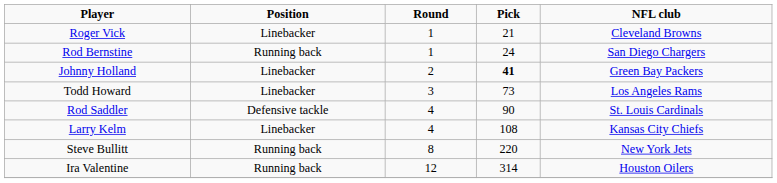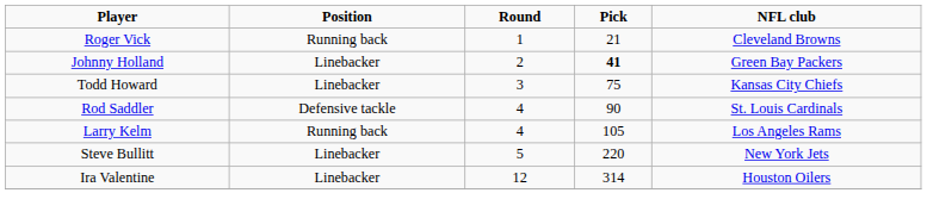 <table class="wikitable" width="80%">
 <tr align="center">
 <td><strong>Player</strong></td>
 <td><strong>Position</strong></td>
 <td><strong>Round</strong></td>
 <td><strong>Pick</strong></td>
 <td><strong>NFL club</strong></td>
 </tr>
 <tr align="center" bgcolor="">
 <td><a href='#'>Roger Vick</a></td>
-<td>Linebacker</td>
+<td>Running back</td>
 <td>1</td>
 <td>21</td>
 <td><a href='#'>Cleveland Browns</a></td>
-</tr>
-<tr align="center" bgcolor="">
-<td><a href='#'>Rod Bernstine</a></td>
-<td>Running back</td>
-<td>1</td>
-<td>24</td>
-<td><a href='#'>San Diego Chargers</a></td>
 </tr>
 <tr align="center" bgcolor="">
 <td><a href='#'>Johnny Holland</a></td>
 <td>Linebacker</td>
 <td>2</td>
 <td><strong>41</strong></td>
 <td><a href='#'>Green Bay Packers</a></td>
 </tr>
 <tr align="center" bgcolor="">
 <td>Todd Howard</td>
 <td>Linebacker</td>
 <td>3</td>
-<td>73</td>
-<td><a href='#'>Los Angeles Rams</a></td>
+<td>75</td>
+<td><a href='#'>Kansas City Chiefs</a></td>
 </tr>
 <tr align="center" bgcolor="">
 <td><a href='#'>Rod Saddler</a></td>
 <td>Defensive tackle</td>
 <td>4</td>
 <td>90</td>
 <td><a href='#'>St. Louis Cardinals</a></td>
 </tr>
 <tr align="center" bgcolor="">
 <td><a href='#'>Larry Kelm</a></td>
-<td>Linebacker</td>
+<td>Running back</td>
 <td>4</td>
-<td>108</td>
-<td><a href='#'>Kansas City Chiefs</a></td>
+<td>105</td>
+<td><a href='#'>Los Angeles Rams</a></td>
 </tr>
 <tr align="center" bgcolor="">
 <td>Steve Bullitt</td>
-<td>Running back</td>
-<td>8</td>
+<td>Linebacker</td>
+<td>5</td>
 <td>220</td>
 <td><a href='#'>New York Jets</a></td>
 </tr>
 <tr align="center" bgcolor="">
 <td>Ira Valentine</td>
-<td>Running back</td>
+<td>Linebacker</td>
 <td>12</td>
 <td>314</td>
 <td><a href='#'>Houston Oilers</a></td>
 </tr>
 <tr align="center" bgcolor="">
 </tr>
 </table>
